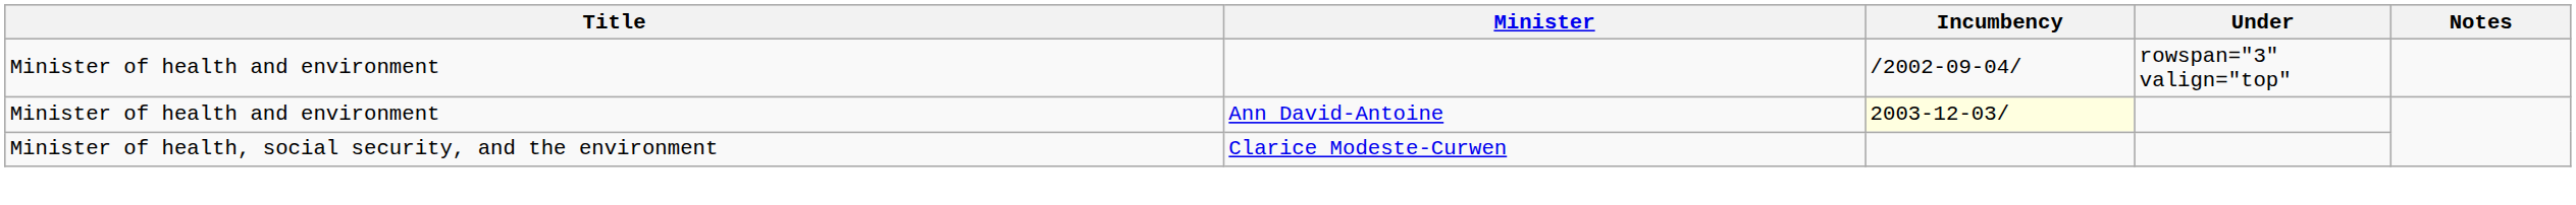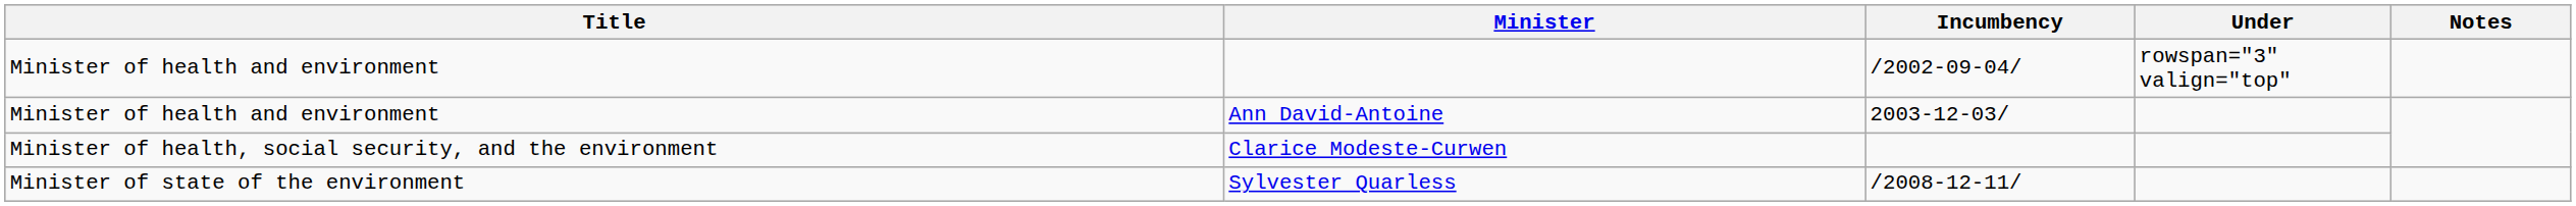 <table class="wikitable" style="width:100%;">
 <tr>
 <th>Title</th>
 <th style="width:25%;"><a href='#'>Minister</a></th>
 <th style="width:160px;">Incumbency</th>
 <th style="width:10%;">Under</th>
 <th style="width:7%;">Notes</th>
 </tr>
 <tr>
 <td>Minister of health and environment</td>
 <td></td>
 <td>/2002-09-04/</td>
 <td>rowspan="3" valign="top" </td>
 <td></td>
 </tr>
 <tr>
 <td>Minister of health and environment</td>
 <td><a href='#'>Ann David-Antoine</a></td>
-<td style="background: lightyellow;">2003-12-03/</td>
+<td>2003-12-03/</td>
 <td></td>
 </tr>
 <tr>
 <td>Minister of health, social security, and the environment</td>
 <td><a href='#'>Clarice Modeste-Curwen</a></td>
 <td></td>
 <td></td>
 </tr>
+<tr>
+<td>Minister of state of the environment</td>
+<td><a href='#'>Sylvester Quarless</a></td>
+<td>/2008-12-11/</td>
+<td></td>
+<td></td>
+</tr>
 </table>
